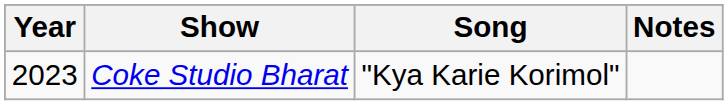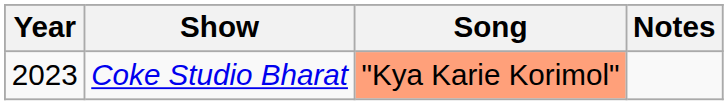 <table class="wikitable sortable">
 <tr>
 <th>Year</th>
 <th>Show</th>
 <th>Song</th>
 <th class="unsortable">Notes</th>
 </tr>
 <tr>
 <td rowspan="3">2023</td>
 <td><em><a href='#'>Coke Studio Bharat</a></em></td>
-<td>"Kya Karie Korimol"</td>
+<td style="background: lightsalmon;">"Kya Karie Korimol"</td>
 <td></td>
 </tr>
 </table>
